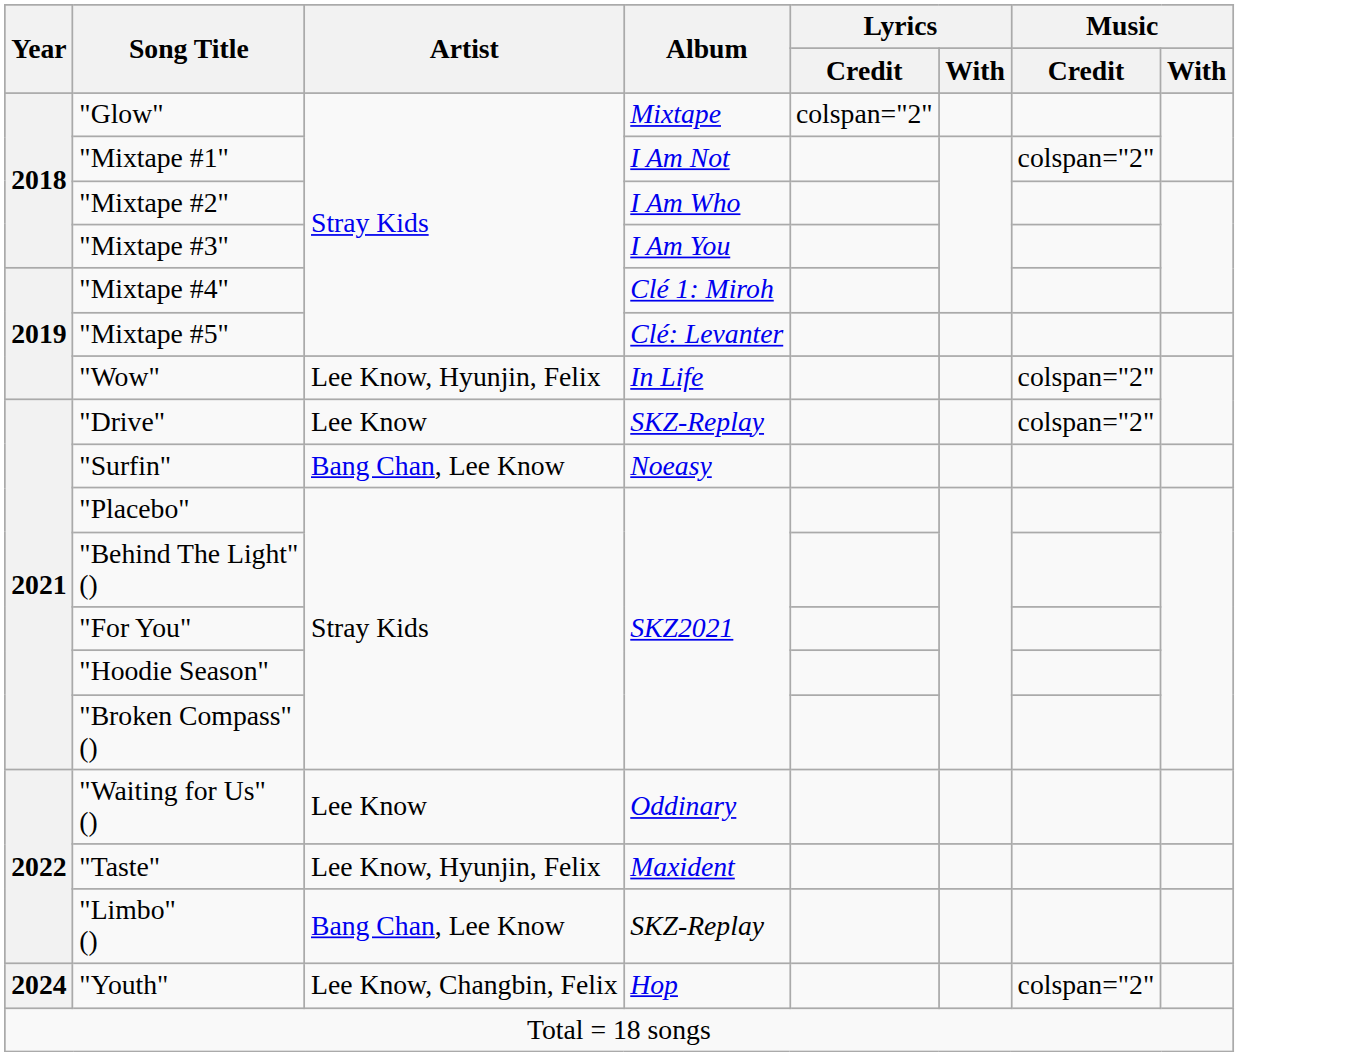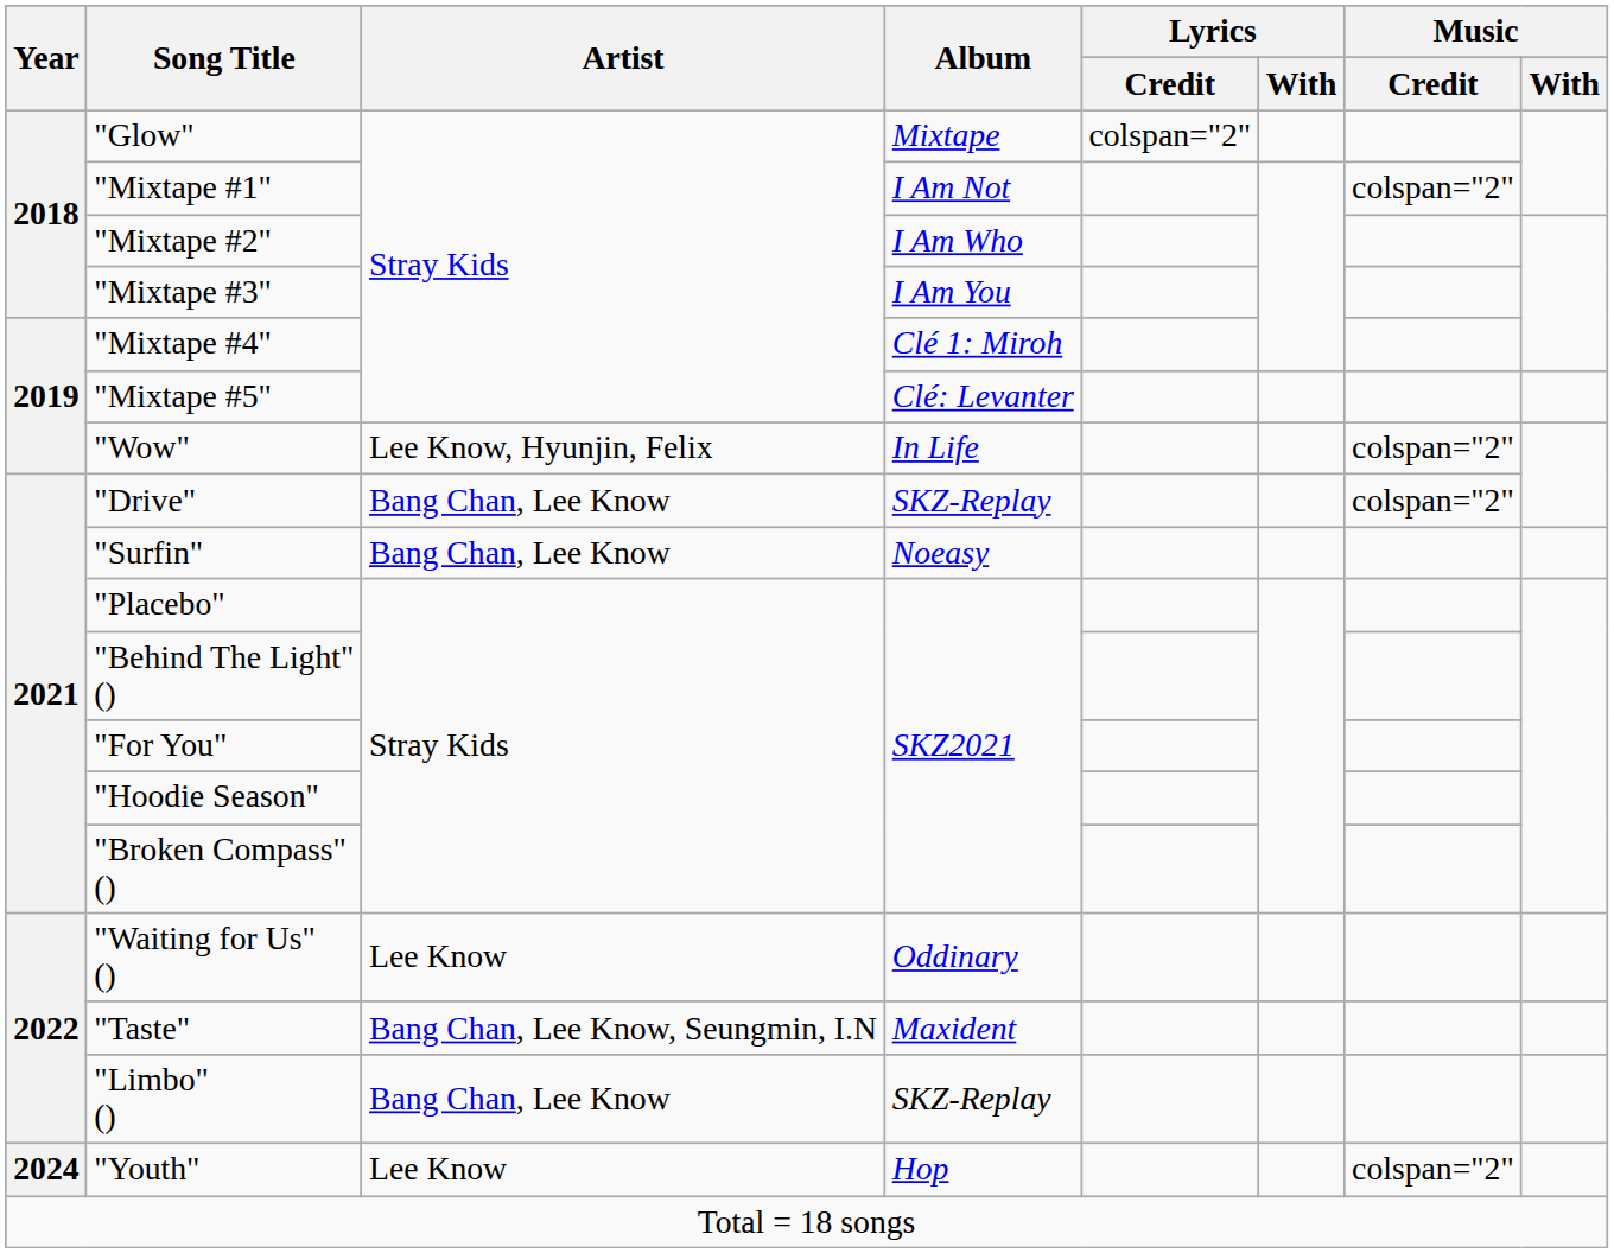 <table class="wikitable plainrowheaders">
 <tr>
 <th scope="col" rowspan="2">Year</th>
 <th scope="col" rowspan="2">Song Title</th>
 <th scope="col" rowspan="2">Artist</th>
 <th scope="col" rowspan="2">Album</th>
 <th scope="col" colspan="2">Lyrics</th>
 <th scope="col" colspan="2">Music</th>
 </tr>
 <tr>
 <th scope="col">Credit</th>
 <th scope="col">With</th>
 <th scope="col">Credit</th>
 <th scope="col">With</th>
 </tr>
 <tr>
 <th scope="row" rowspan="4">2018</th>
 <td>"Glow"</td>
 <td rowspan="6"><a href='#'>Stray Kids</a></td>
 <td><em><a href='#'>Mixtape</a></em></td>
 <td>colspan="2" </td>
 <td></td>
 <td></td>
 </tr>
 <tr>
 <td>"Mixtape #1"</td>
 <td><em><a href='#'>I Am Not</a></em></td>
 <td></td>
 <td rowspan="4"></td>
 <td>colspan="2" </td>
 </tr>
 <tr>
 <td>"Mixtape #2"</td>
 <td><em><a href='#'>I Am Who</a></em></td>
 <td></td>
 <td></td>
 <td rowspan="3"></td>
 </tr>
 <tr>
 <td>"Mixtape #3"</td>
 <td><em><a href='#'>I Am You</a></em></td>
 <td></td>
 <td></td>
 </tr>
 <tr>
 <th scope="row" rowspan="3">2019</th>
 <td>"Mixtape #4"</td>
 <td><em><a href='#'>Clé 1: Miroh</a></em></td>
 <td></td>
 <td></td>
 </tr>
 <tr>
 <td>"Mixtape #5"</td>
 <td><em><a href='#'>Clé: Levanter</a></em></td>
 <td></td>
 <td></td>
 <td></td>
 <td></td>
 </tr>
 <tr>
 <td>"Wow"</td>
 <td>Lee Know, Hyunjin, Felix</td>
 <td><em><a href='#'>In Life</a></em></td>
 <td></td>
 <td></td>
 <td>colspan="2" </td>
 </tr>
 <tr>
 <th scope="row" rowspan="7">2021</th>
 <td>"Drive"</td>
-<td>Lee Know</td>
+<td><a href='#'>Bang Chan</a>, Lee Know</td>
 <td><em><a href='#'>SKZ-Replay</a></em></td>
 <td></td>
 <td></td>
 <td>colspan="2" </td>
 </tr>
 <tr>
 <td>"Surfin"</td>
 <td><a href='#'>Bang Chan</a>, Lee Know</td>
 <td><em><a href='#'>Noeasy</a></em></td>
 <td></td>
 <td></td>
 <td></td>
 <td></td>
 </tr>
 <tr>
 <td>"Placebo"</td>
 <td rowspan="5">Stray Kids</td>
 <td rowspan="5"><em><a href='#'>SKZ2021</a></em></td>
 <td></td>
 <td rowspan="5"></td>
 <td></td>
 <td rowspan="5"></td>
 </tr>
 <tr>
 <td>"Behind The Light"<br>()</td>
 <td></td>
 <td></td>
 </tr>
 <tr>
 <td>"For You"</td>
 <td></td>
 <td></td>
 </tr>
 <tr>
 <td>"Hoodie Season"</td>
 <td></td>
 <td></td>
 </tr>
 <tr>
 <td>"Broken Compass"<br>()</td>
 <td></td>
 <td></td>
 </tr>
 <tr>
 <th scope="row" rowspan="3">2022</th>
 <td>"Waiting for Us"<br>()</td>
 <td>Lee Know</td>
 <td><em><a href='#'>Oddinary</a></em></td>
 <td></td>
 <td></td>
 <td></td>
 <td></td>
 </tr>
 <tr>
 <td>"Taste"</td>
-<td>Lee Know, Hyunjin, Felix</td>
+<td><a href='#'>Bang Chan</a>, Lee Know, Seungmin, I.N</td>
 <td><em><a href='#'>Maxident</a></em></td>
 <td></td>
 <td></td>
 <td></td>
 <td></td>
 </tr>
 <tr>
 <td>"Limbo"<br>()</td>
 <td><a href='#'>Bang Chan</a>, Lee Know</td>
 <td><em>SKZ-Replay</em></td>
 <td></td>
 <td></td>
 <td></td>
 <td></td>
 </tr>
 <tr>
 <th scope="row">2024</th>
 <td>"Youth"</td>
-<td>Lee Know, Changbin, Felix</td>
+<td>Lee Know</td>
 <td><em><a href='#'>Hop</a></em></td>
 <td></td>
 <td></td>
 <td>colspan="2" </td>
 </tr>
 <tr>
 <td style="text-align:center" colspan="8">Total = 18 songs</td>
 </tr>
 </table>
